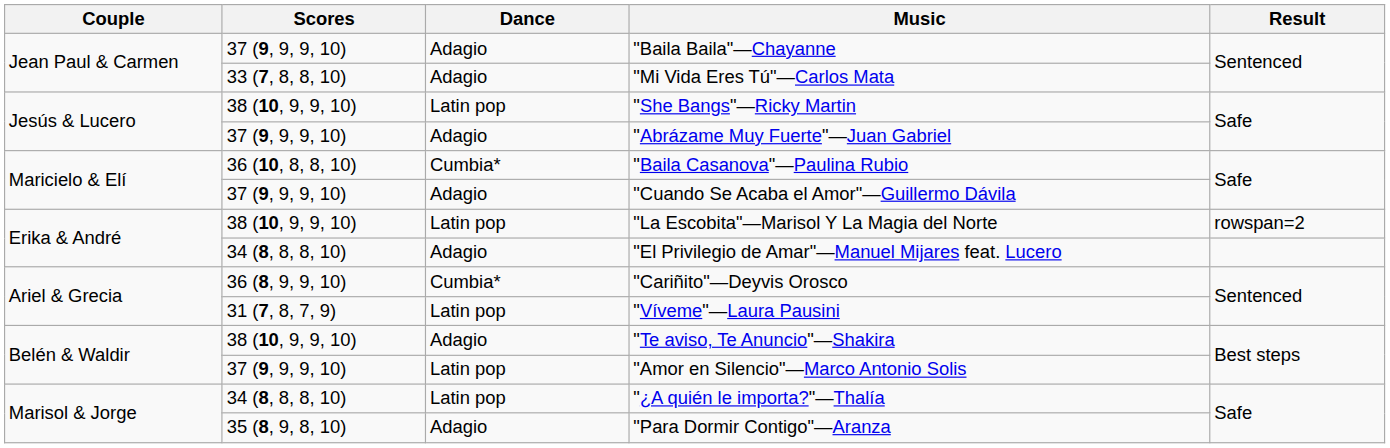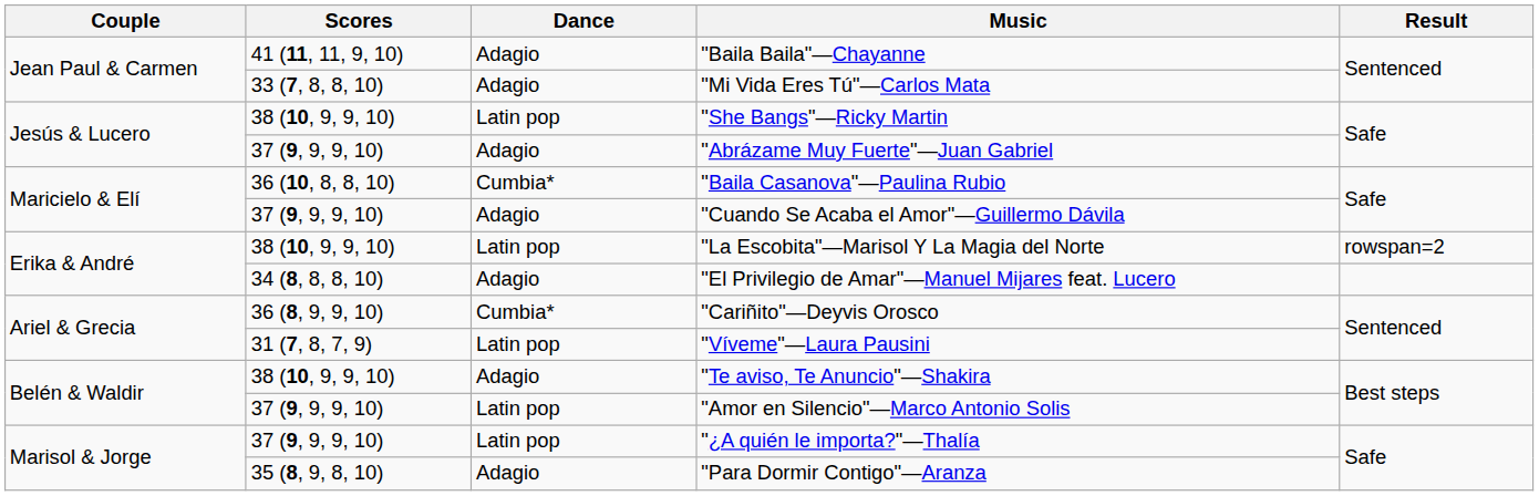 <table class="wikitable sortable" style="width:95%; white-space:nowrap;">
 <tr>
 <th style="width:15%;">Couple</th>
 <th style="width:14%;">Scores</th>
 <th style="width:14%;">Dance</th>
 <th style="width:40%;">Music</th>
 <th style="width:12%;">Result</th>
 </tr>
 <tr>
 <td rowspan=2>Jean Paul & Carmen</td>
-<td>37 (<strong>9</strong>, 9, 9, 10)</td>
+<td>41 (<strong>11</strong>, 11, 9, 10)</td>
 <td>Adagio</td>
 <td>"Baila Baila"—<a href='#'>Chayanne</a></td>
 <td rowspan=2>Sentenced</td>
 </tr>
 <tr>
 <td>33 (<strong>7</strong>, 8, 8, 10)</td>
 <td>Adagio</td>
 <td>"Mi Vida Eres Tú"—<a href='#'>Carlos Mata</a></td>
 </tr>
 <tr>
 <td rowspan=2>Jesús & Lucero</td>
 <td>38 (<strong>10</strong>, 9, 9, 10)</td>
 <td>Latin pop</td>
 <td>"<a href='#'>She Bangs</a>"—<a href='#'>Ricky Martin</a></td>
 <td rowspan=2>Safe</td>
 </tr>
 <tr>
 <td>37 (<strong>9</strong>, 9, 9, 10)</td>
 <td>Adagio</td>
 <td>"<a href='#'>Abrázame Muy Fuerte</a>"—<a href='#'>Juan Gabriel</a></td>
 </tr>
 <tr>
 <td rowspan=2>Maricielo & Elí</td>
 <td>36 (<strong>10</strong>, 8, 8, 10)</td>
 <td>Cumbia*</td>
 <td>"<a href='#'>Baila Casanova</a>"—<a href='#'>Paulina Rubio</a></td>
 <td rowspan=2>Safe</td>
 </tr>
 <tr>
 <td>37 (<strong>9</strong>, 9, 9, 10)</td>
 <td>Adagio</td>
 <td>"Cuando Se Acaba el Amor"—<a href='#'>Guillermo Dávila</a></td>
 </tr>
 <tr>
 <td rowspan=2>Erika & André</td>
 <td>38 (<strong>10</strong>, 9, 9, 10)</td>
 <td>Latin pop</td>
 <td>"La Escobita"—Marisol Y La Magia del Norte</td>
 <td>rowspan=2 </td>
 </tr>
 <tr>
 <td>34 (<strong>8</strong>, 8, 8, 10)</td>
 <td>Adagio</td>
 <td>"El Privilegio de Amar"—<a href='#'>Manuel Mijares</a> feat. <a href='#'>Lucero</a></td>
 </tr>
 <tr>
 <td rowspan=2>Ariel & Grecia</td>
 <td>36 (<strong>8</strong>, 9, 9, 10)</td>
 <td>Cumbia*</td>
 <td>"Cariñito"—Deyvis Orosco</td>
 <td rowspan=2>Sentenced</td>
 </tr>
 <tr>
 <td>31 (<strong>7</strong>, 8, 7, 9)</td>
 <td>Latin pop</td>
 <td>"<a href='#'>Víveme</a>"—<a href='#'>Laura Pausini</a></td>
 </tr>
 <tr>
 <td rowspan=2>Belén & Waldir</td>
 <td>38 (<strong>10</strong>, 9, 9, 10)</td>
 <td>Adagio</td>
 <td>"<a href='#'>Te aviso, Te Anuncio</a>"—<a href='#'>Shakira</a></td>
 <td rowspan=2>Best steps</td>
 </tr>
 <tr>
 <td>37 (<strong>9</strong>, 9, 9, 10)</td>
 <td>Latin pop</td>
 <td>"Amor en Silencio"—<a href='#'>Marco Antonio Solis</a></td>
 </tr>
 <tr>
 <td rowspan=2>Marisol & Jorge</td>
-<td>34 (<strong>8</strong>, 8, 8, 10)</td>
+<td>37 (<strong>9</strong>, 9, 9, 10)</td>
 <td>Latin pop</td>
 <td>"<a href='#'>¿A quién le importa?</a>"—<a href='#'>Thalía</a></td>
 <td rowspan=2>Safe</td>
 </tr>
 <tr>
 <td>35 (<strong>8</strong>, 9, 8, 10)</td>
 <td>Adagio</td>
 <td>"Para Dormir Contigo"—<a href='#'>Aranza</a></td>
 </tr>
 </table>
